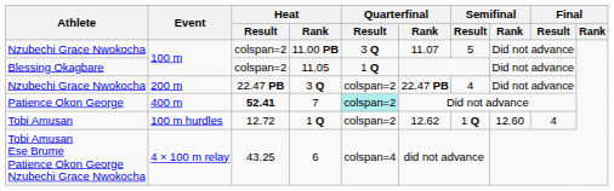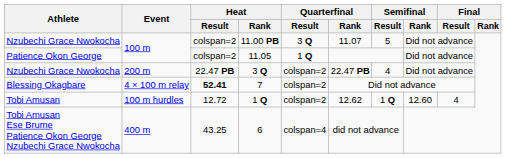 <table class="wikitable" style="font-size:90%">
 <tr>
 <th rowspan="2">Athlete</th>
 <th rowspan="2">Event</th>
 <th colspan="2">Heat</th>
 <th colspan="2">Quarterfinal</th>
 <th colspan="2">Semifinal</th>
 <th colspan="2">Final</th>
 </tr>
 <tr style="font-size:95%">
 <th>Result</th>
 <th>Rank</th>
 <th>Result</th>
 <th>Rank</th>
 <th>Result</th>
 <th>Rank</th>
 <th>Result</th>
 <th>Rank</th>
 </tr>
 <tr align="center">
 <td align=left><a href='#'>Nzubechi Grace Nwokocha</a></td>
 <td align=left rowspan=2><a href='#'>100 m</a></td>
 <td>colspan=2 </td>
 <td>11.00 <strong>PB</strong></td>
 <td>3 <strong>Q</strong></td>
 <td>11.07</td>
 <td>5</td>
 <td colspan="2">Did not advance</td>
 </tr>
 <tr align=center>
-<td align="left"><a href='#'>Blessing Okagbare</a></td>
+<td align="left"><a href='#'>Patience Okon George</a></td>
 <td>colspan=2 </td>
 <td>11.05</td>
 <td>1 <strong>Q</strong></td>
 <td colspan="2"></td>
 <td colspan="2">Did not advance</td>
 </tr>
 <tr align="center">
 <td align="left"><a href='#'>Nzubechi Grace Nwokocha</a></td>
 <td align="left"><a href='#'>200 m</a></td>
 <td>22.47 <strong>PB</strong></td>
 <td>3 <strong>Q</strong></td>
 <td>colspan=2 </td>
 <td>22.47 <strong>PB</strong></td>
 <td>4</td>
 <td colspan="2">Did not advance</td>
 </tr>
 <tr align="center">
-<td align="left"><a href='#'>Patience Okon George</a></td>
-<td align="left"><a href='#'>400 m</a></td>
+<td align="left"><a href='#'>Blessing Okagbare</a></td>
+<td align="left"><a href='#'>4 × 100 m relay</a></td>
 <td><strong>52.41</strong></td>
 <td>7</td>
-<td style="background: paleturquoise;">colspan=2 </td>
+<td>colspan=2 </td>
 <td colspan=4>Did not advance</td>
 </tr>
 <tr align="center">
 <td align="left"><a href='#'>Tobi Amusan</a></td>
 <td align="left"><a href='#'>100 m hurdles</a></td>
 <td>12.72</td>
 <td>1 <strong>Q</strong></td>
 <td>colspan=2 </td>
 <td>12.62</td>
 <td>1 <strong>Q</strong></td>
 <td>12.60</td>
 <td>4</td>
 </tr>
 <tr align="center">
 <td align="left"><a href='#'>Tobi Amusan</a><br><a href='#'>Ese Brume</a><br><a href='#'>Patience Okon George</a><br><a href='#'>Nzubechi Grace Nwokocha</a></td>
-<td align="left"><a href='#'>4 × 100 m relay</a></td>
+<td align="left"><a href='#'>400 m</a></td>
 <td>43.25</td>
 <td>6</td>
 <td>colspan=4 </td>
 <td colspan="2">did not advance</td>
 </tr>
 </table>
